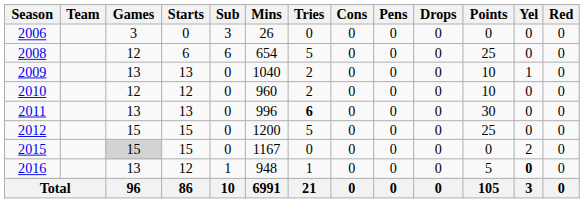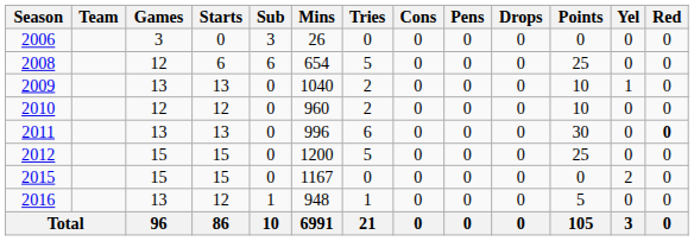 <table class="wikitable" style="text-align:center; line-height:90%; font-size:95%; width:70%;">
 <tr>
 <th>Season</th>
 <th>Team</th>
 <th>Games</th>
 <th>Starts</th>
 <th>Sub</th>
 <th>Mins</th>
 <th>Tries</th>
 <th>Cons</th>
 <th>Pens</th>
 <th>Drops</th>
 <th>Points</th>
 <th>Yel</th>
 <th>Red</th>
 </tr>
 <tr>
 <td><a href='#'>2006</a></td>
 <td></td>
 <td>3</td>
 <td>0</td>
 <td>3</td>
 <td>26</td>
 <td>0</td>
 <td>0</td>
 <td>0</td>
 <td>0</td>
 <td>0</td>
 <td>0</td>
 <td>0</td>
 </tr>
 <tr>
 <td><a href='#'>2008</a></td>
 <td></td>
 <td>12</td>
 <td>6</td>
 <td>6</td>
 <td>654</td>
 <td>5</td>
 <td>0</td>
 <td>0</td>
 <td>0</td>
 <td>25</td>
 <td>0</td>
 <td>0</td>
 </tr>
 <tr>
 <td><a href='#'>2009</a></td>
 <td></td>
 <td>13</td>
 <td>13</td>
 <td>0</td>
 <td>1040</td>
 <td>2</td>
 <td>0</td>
 <td>0</td>
 <td>0</td>
 <td>10</td>
 <td>1</td>
 <td>0</td>
 </tr>
 <tr>
 <td><a href='#'>2010</a></td>
 <td></td>
 <td>12</td>
 <td>12</td>
 <td>0</td>
 <td>960</td>
 <td>2</td>
 <td>0</td>
 <td>0</td>
 <td>0</td>
 <td>10</td>
 <td>0</td>
 <td>0</td>
 </tr>
 <tr>
 <td><a href='#'>2011</a></td>
 <td></td>
 <td>13</td>
 <td>13</td>
 <td>0</td>
 <td>996</td>
-<td><strong>6</strong></td>
+<td>6</td>
 <td>0</td>
 <td>0</td>
 <td>0</td>
 <td>30</td>
 <td>0</td>
-<td>0</td>
+<td><strong>0</strong></td>
 </tr>
 <tr>
 <td><a href='#'>2012</a></td>
 <td></td>
 <td>15</td>
 <td>15</td>
 <td>0</td>
 <td>1200</td>
 <td>5</td>
 <td>0</td>
 <td>0</td>
 <td>0</td>
 <td>25</td>
 <td>0</td>
 <td>0</td>
 </tr>
 <tr>
 <td><a href='#'>2015</a></td>
 <td></td>
-<td style="background: lightgrey;">15</td>
+<td>15</td>
 <td>15</td>
 <td>0</td>
 <td>1167</td>
 <td>0</td>
 <td>0</td>
 <td>0</td>
 <td>0</td>
 <td>0</td>
 <td>2</td>
 <td>0</td>
 </tr>
 <tr>
 <td><a href='#'>2016</a></td>
 <td></td>
 <td>13</td>
 <td>12</td>
 <td>1</td>
 <td>948</td>
 <td>1</td>
 <td>0</td>
 <td>0</td>
 <td>0</td>
 <td>5</td>
-<td><strong>0</strong></td>
+<td>0</td>
 <td>0</td>
 </tr>
 <tr>
 <th colspan="2">Total</th>
 <th>96</th>
 <th>86</th>
 <th>10</th>
 <th>6991</th>
 <th>21</th>
 <th>0</th>
 <th>0</th>
 <th>0</th>
 <th>105</th>
 <th>3</th>
 <th>0</th>
 </tr>
 </table>
